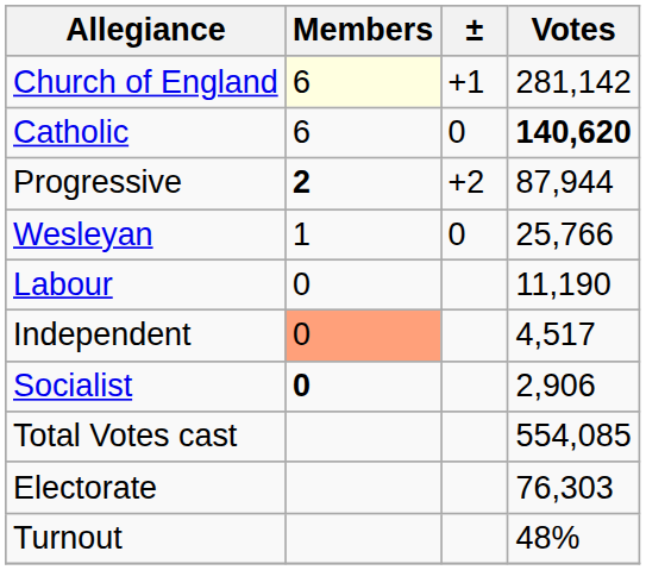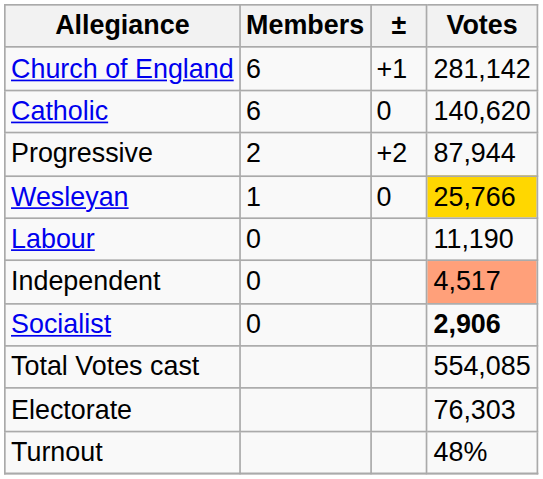 <table class="wikitable">
 <tr>
 <th>Allegiance</th>
 <th>Members</th>
 <th>  ±  </th>
 <th>Votes</th>
 </tr>
 <tr>
 <td><a href='#'>Church of England</a></td>
-<td style="background: lightyellow;">6</td>
+<td>6</td>
 <td>+1</td>
 <td>281,142</td>
 </tr>
 <tr>
 <td><a href='#'>Catholic</a></td>
 <td>6</td>
 <td>0</td>
-<td><strong>140,620</strong></td>
+<td>140,620</td>
 </tr>
 <tr>
 <td>Progressive</td>
-<td><strong>2</strong></td>
+<td>2</td>
 <td>+2</td>
 <td>87,944</td>
 </tr>
 <tr>
 <td><a href='#'>Wesleyan</a></td>
 <td>1</td>
 <td>0</td>
-<td>25,766</td>
+<td style="background: gold;">25,766</td>
 </tr>
 <tr>
 <td><a href='#'>Labour</a></td>
 <td>0</td>
 <td></td>
 <td>11,190</td>
 </tr>
 <tr>
 <td>Independent</td>
-<td style="background: lightsalmon;">0</td>
+<td>0</td>
 <td></td>
-<td>4,517</td>
+<td style="background: lightsalmon;">4,517</td>
 </tr>
 <tr>
 <td><a href='#'>Socialist</a></td>
-<td><strong>0</strong></td>
+<td>0</td>
 <td></td>
-<td>2,906</td>
+<td><strong>2,906</strong></td>
 </tr>
 <tr>
 <td>Total Votes cast</td>
 <td></td>
 <td></td>
 <td>554,085</td>
 </tr>
 <tr>
 <td>Electorate</td>
 <td></td>
 <td></td>
 <td>76,303</td>
 </tr>
 <tr>
 <td>Turnout</td>
 <td></td>
 <td></td>
 <td>48%</td>
 </tr>
 <tr>
 </tr>
 </table>
